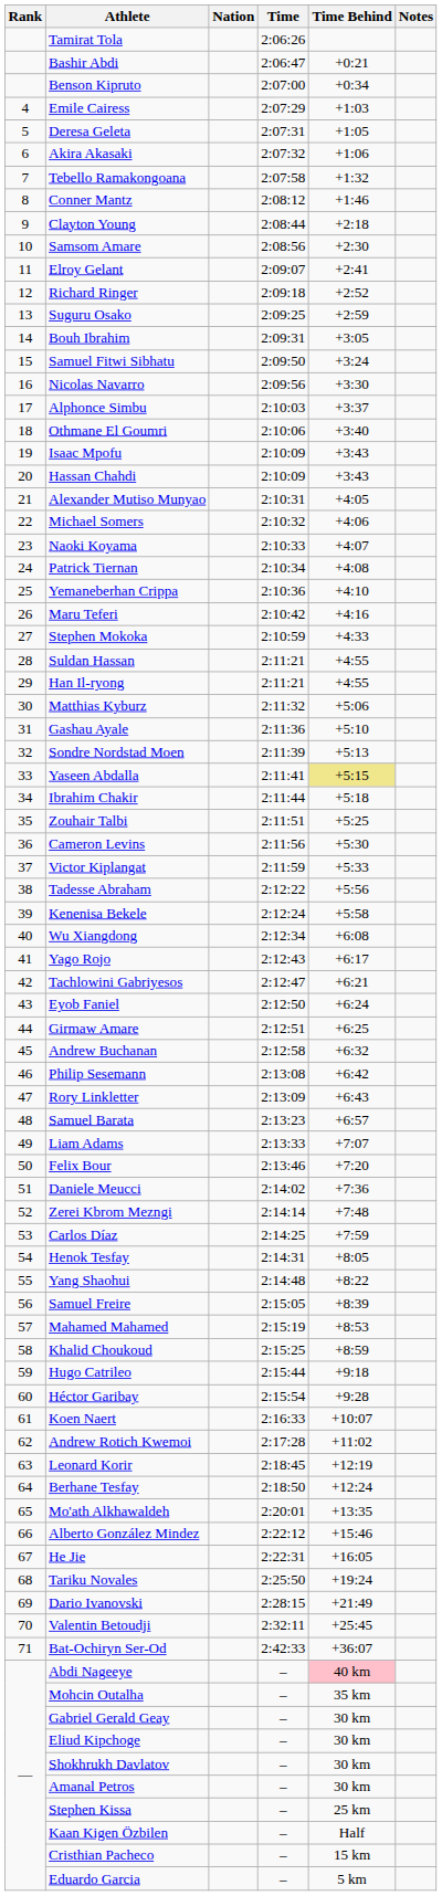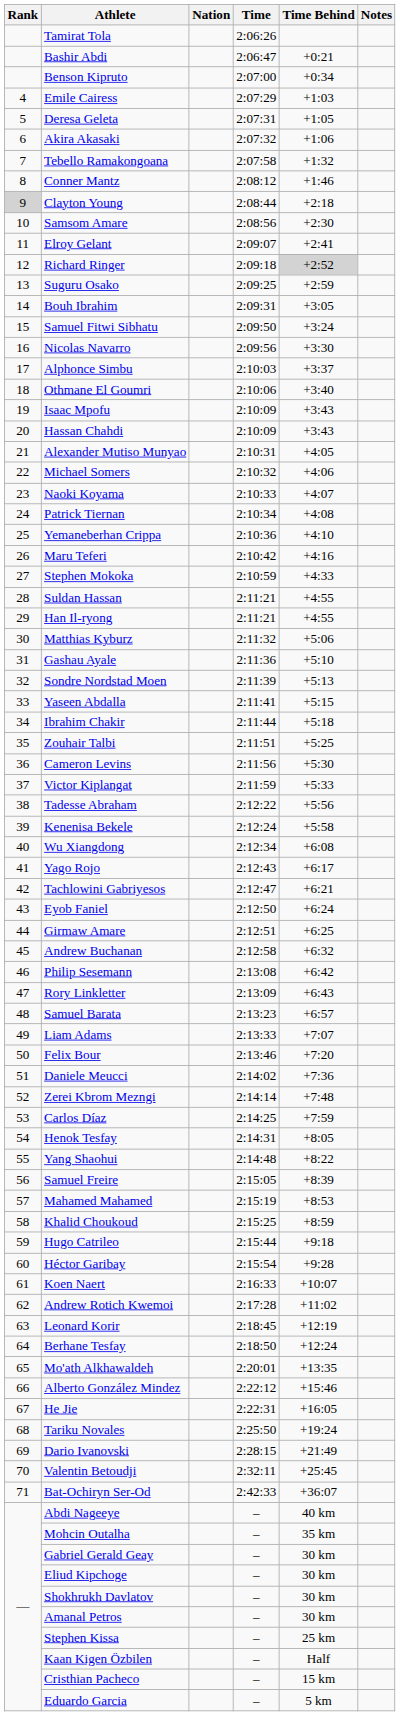 <table class="wikitable sortable" style="text-align:center">
 <tr>
 <th>Rank</th>
 <th>Athlete</th>
 <th>Nation</th>
 <th>Time</th>
 <th>Time Behind</th>
 <th>Notes</th>
 </tr>
 <tr>
 <td></td>
 <td align="left"><a href='#'>Tamirat Tola</a></td>
 <td align="left"></td>
 <td>2:06:26</td>
 <td></td>
 <td></td>
 </tr>
 <tr>
 <td></td>
 <td align="left"><a href='#'>Bashir Abdi</a></td>
 <td align="left"></td>
 <td>2:06:47</td>
 <td>+0:21</td>
 <td></td>
 </tr>
 <tr>
 <td></td>
 <td align="left"><a href='#'>Benson Kipruto</a></td>
 <td align="left"></td>
 <td>2:07:00</td>
 <td>+0:34</td>
 <td></td>
 </tr>
 <tr>
 <td>4</td>
 <td align="left"><a href='#'>Emile Cairess</a></td>
 <td align="left"></td>
 <td>2:07:29</td>
 <td>+1:03</td>
 <td></td>
 </tr>
 <tr>
 <td>5</td>
 <td align="left"><a href='#'>Deresa Geleta</a></td>
 <td align="left"></td>
 <td>2:07:31</td>
 <td>+1:05</td>
 <td></td>
 </tr>
 <tr>
 <td>6</td>
 <td align="left"><a href='#'>Akira Akasaki</a></td>
 <td align="left"></td>
 <td>2:07:32</td>
 <td>+1:06</td>
 <td></td>
 </tr>
 <tr>
 <td>7</td>
 <td align="left"><a href='#'>Tebello Ramakongoana</a></td>
 <td align="left"></td>
 <td>2:07:58</td>
 <td>+1:32</td>
 <td></td>
 </tr>
 <tr>
 <td>8</td>
 <td align="left"><a href='#'>Conner Mantz</a></td>
 <td align="left"></td>
 <td>2:08:12</td>
 <td>+1:46</td>
 <td></td>
 </tr>
 <tr>
-<td>9</td>
+<td style="background: lightgrey;">9</td>
 <td align="left"><a href='#'>Clayton Young</a></td>
 <td align="left"></td>
 <td>2:08:44</td>
 <td>+2:18</td>
 <td></td>
 </tr>
 <tr>
 <td>10</td>
 <td align="left"><a href='#'>Samsom Amare</a></td>
 <td align="left"></td>
 <td>2:08:56</td>
 <td>+2:30</td>
 <td></td>
 </tr>
 <tr>
 <td>11</td>
 <td align="left"><a href='#'>Elroy Gelant</a></td>
 <td align="left"></td>
 <td>2:09:07</td>
 <td>+2:41</td>
 <td></td>
 </tr>
 <tr>
 <td>12</td>
 <td align="left"><a href='#'>Richard Ringer</a></td>
 <td align="left"></td>
 <td>2:09:18</td>
-<td>+2:52</td>
+<td style="background: lightgrey;">+2:52</td>
 <td></td>
 </tr>
 <tr>
 <td>13</td>
 <td align="left"><a href='#'>Suguru Osako</a></td>
 <td align="left"></td>
 <td>2:09:25</td>
 <td>+2:59</td>
 <td></td>
 </tr>
 <tr>
 <td>14</td>
 <td align="left"><a href='#'>Bouh Ibrahim</a></td>
 <td align="left"></td>
 <td>2:09:31</td>
 <td>+3:05</td>
 <td></td>
 </tr>
 <tr>
 <td>15</td>
 <td align="left"><a href='#'>Samuel Fitwi Sibhatu</a></td>
 <td align="left"></td>
 <td>2:09:50</td>
 <td>+3:24</td>
 <td></td>
 </tr>
 <tr>
 <td>16</td>
 <td align="left"><a href='#'>Nicolas Navarro</a></td>
 <td align="left"></td>
 <td>2:09:56</td>
 <td>+3:30</td>
 <td></td>
 </tr>
 <tr>
 <td>17</td>
 <td align="left"><a href='#'>Alphonce Simbu</a></td>
 <td align="left"></td>
 <td>2:10:03</td>
 <td>+3:37</td>
 <td></td>
 </tr>
 <tr>
 <td>18</td>
 <td align="left"><a href='#'>Othmane El Goumri</a></td>
 <td align="left"></td>
 <td>2:10:06</td>
 <td>+3:40</td>
 <td></td>
 </tr>
 <tr>
 <td>19</td>
 <td align="left"><a href='#'>Isaac Mpofu</a></td>
 <td align="left"></td>
 <td>2:10:09</td>
 <td>+3:43</td>
 <td></td>
 </tr>
 <tr>
 <td>20</td>
 <td align="left"><a href='#'>Hassan Chahdi</a></td>
 <td align="left"></td>
 <td>2:10:09</td>
 <td>+3:43</td>
 <td></td>
 </tr>
 <tr>
 <td>21</td>
 <td align="left"><a href='#'>Alexander Mutiso Munyao</a></td>
 <td align="left"></td>
 <td>2:10:31</td>
 <td>+4:05</td>
 <td></td>
 </tr>
 <tr>
 <td>22</td>
 <td align="left"><a href='#'>Michael Somers</a></td>
 <td align="left"></td>
 <td>2:10:32</td>
 <td>+4:06</td>
 <td></td>
 </tr>
 <tr>
 <td>23</td>
 <td align="left"><a href='#'>Naoki Koyama</a></td>
 <td align="left"></td>
 <td>2:10:33</td>
 <td>+4:07</td>
 <td></td>
 </tr>
 <tr>
 <td>24</td>
 <td align="left"><a href='#'>Patrick Tiernan</a></td>
 <td align="left"></td>
 <td>2:10:34</td>
 <td>+4:08</td>
 <td></td>
 </tr>
 <tr>
 <td>25</td>
 <td align="left"><a href='#'>Yemaneberhan Crippa</a></td>
 <td align="left"></td>
 <td>2:10:36</td>
 <td>+4:10</td>
 <td></td>
 </tr>
 <tr>
 <td>26</td>
 <td align="left"><a href='#'>Maru Teferi</a></td>
 <td align="left"></td>
 <td>2:10:42</td>
 <td>+4:16</td>
 <td></td>
 </tr>
 <tr>
 <td>27</td>
 <td align="left"><a href='#'>Stephen Mokoka</a></td>
 <td align="left"></td>
 <td>2:10:59</td>
 <td>+4:33</td>
 <td></td>
 </tr>
 <tr>
 <td>28</td>
 <td align="left"><a href='#'>Suldan Hassan</a></td>
 <td align="left"></td>
 <td>2:11:21</td>
 <td>+4:55</td>
 <td></td>
 </tr>
 <tr>
 <td>29</td>
 <td align="left"><a href='#'>Han Il-ryong</a></td>
 <td align="left"></td>
 <td>2:11:21</td>
 <td>+4:55</td>
 <td></td>
 </tr>
 <tr>
 <td>30</td>
 <td align="left"><a href='#'>Matthias Kyburz</a></td>
 <td align="left"></td>
 <td>2:11:32</td>
 <td>+5:06</td>
 <td></td>
 </tr>
 <tr>
 <td>31</td>
 <td align="left"><a href='#'>Gashau Ayale</a></td>
 <td align="left"></td>
 <td>2:11:36</td>
 <td>+5:10</td>
 <td></td>
 </tr>
 <tr>
 <td>32</td>
 <td align="left"><a href='#'>Sondre Nordstad Moen</a></td>
 <td align="left"></td>
 <td>2:11:39</td>
 <td>+5:13</td>
 <td></td>
 </tr>
 <tr>
 <td>33</td>
 <td align="left"><a href='#'>Yaseen Abdalla</a></td>
 <td align="left"></td>
 <td>2:11:41</td>
-<td style="background: khaki;">+5:15</td>
+<td>+5:15</td>
 <td></td>
 </tr>
 <tr>
 <td>34</td>
 <td align="left"><a href='#'>Ibrahim Chakir</a></td>
 <td align="left"></td>
 <td>2:11:44</td>
 <td>+5:18</td>
 <td></td>
 </tr>
 <tr>
 <td>35</td>
 <td align="left"><a href='#'>Zouhair Talbi</a></td>
 <td align="left"></td>
 <td>2:11:51</td>
 <td>+5:25</td>
 <td></td>
 </tr>
 <tr>
 <td>36</td>
 <td align="left"><a href='#'>Cameron Levins</a></td>
 <td align="left"></td>
 <td>2:11:56</td>
 <td>+5:30</td>
 <td></td>
 </tr>
 <tr>
 <td>37</td>
 <td align="left"><a href='#'>Victor Kiplangat</a></td>
 <td align="left"></td>
 <td>2:11:59</td>
 <td>+5:33</td>
 <td></td>
 </tr>
 <tr>
 <td>38</td>
 <td align="left"><a href='#'>Tadesse Abraham</a></td>
 <td align="left"></td>
 <td>2:12:22</td>
 <td>+5:56</td>
 <td></td>
 </tr>
 <tr>
 <td>39</td>
 <td align="left"><a href='#'>Kenenisa Bekele</a></td>
 <td align="left"></td>
 <td>2:12:24</td>
 <td>+5:58</td>
 <td></td>
 </tr>
 <tr>
 <td>40</td>
 <td align="left"><a href='#'>Wu Xiangdong</a></td>
 <td align="left"></td>
 <td>2:12:34</td>
 <td>+6:08</td>
 <td></td>
 </tr>
 <tr>
 <td>41</td>
 <td align="left"><a href='#'>Yago Rojo</a></td>
 <td align="left"></td>
 <td>2:12:43</td>
 <td>+6:17</td>
 <td></td>
 </tr>
 <tr>
 <td>42</td>
 <td align="left"><a href='#'>Tachlowini Gabriyesos</a></td>
 <td align="left"></td>
 <td>2:12:47</td>
 <td>+6:21</td>
 <td></td>
 </tr>
 <tr>
 <td>43</td>
 <td align="left"><a href='#'>Eyob Faniel</a></td>
 <td align="left"></td>
 <td>2:12:50</td>
 <td>+6:24</td>
 <td></td>
 </tr>
 <tr>
 <td>44</td>
 <td align="left"><a href='#'>Girmaw Amare</a></td>
 <td align="left"></td>
 <td>2:12:51</td>
 <td>+6:25</td>
 <td></td>
 </tr>
 <tr>
 <td>45</td>
 <td align="left"><a href='#'>Andrew Buchanan</a></td>
 <td align="left"></td>
 <td>2:12:58</td>
 <td>+6:32</td>
 <td></td>
 </tr>
 <tr>
 <td>46</td>
 <td align="left"><a href='#'>Philip Sesemann</a></td>
 <td align="left"></td>
 <td>2:13:08</td>
 <td>+6:42</td>
 <td></td>
 </tr>
 <tr>
 <td>47</td>
 <td align="left"><a href='#'>Rory Linkletter</a></td>
 <td align="left"></td>
 <td>2:13:09</td>
 <td>+6:43</td>
 <td></td>
 </tr>
 <tr>
 <td>48</td>
 <td align="left"><a href='#'>Samuel Barata</a></td>
 <td align="left"></td>
 <td>2:13:23</td>
 <td>+6:57</td>
 <td></td>
 </tr>
 <tr>
 <td>49</td>
 <td align="left"><a href='#'>Liam Adams</a></td>
 <td align="left"></td>
 <td>2:13:33</td>
 <td>+7:07</td>
 <td></td>
 </tr>
 <tr>
 <td>50</td>
 <td align="left"><a href='#'>Felix Bour</a></td>
 <td align="left"></td>
 <td>2:13:46</td>
 <td>+7:20</td>
 <td></td>
 </tr>
 <tr>
 <td>51</td>
 <td align="left"><a href='#'>Daniele Meucci</a></td>
 <td align="left"></td>
 <td>2:14:02</td>
 <td>+7:36</td>
 <td></td>
 </tr>
 <tr>
 <td>52</td>
 <td align="left"><a href='#'>Zerei Kbrom Mezngi</a></td>
 <td align="left"></td>
 <td>2:14:14</td>
 <td>+7:48</td>
 <td></td>
 </tr>
 <tr>
 <td>53</td>
 <td align="left"><a href='#'>Carlos Díaz</a></td>
 <td align="left"></td>
 <td>2:14:25</td>
 <td>+7:59</td>
 <td></td>
 </tr>
 <tr>
 <td>54</td>
 <td align="left"><a href='#'>Henok Tesfay</a></td>
 <td align="left"></td>
 <td>2:14:31</td>
 <td>+8:05</td>
 <td></td>
 </tr>
 <tr>
 <td>55</td>
 <td align="left"><a href='#'>Yang Shaohui</a></td>
 <td align="left"></td>
 <td>2:14:48</td>
 <td>+8:22</td>
 <td></td>
 </tr>
 <tr>
 <td>56</td>
 <td align="left"><a href='#'>Samuel Freire</a></td>
 <td align="left"></td>
 <td>2:15:05</td>
 <td>+8:39</td>
 <td></td>
 </tr>
 <tr>
 <td>57</td>
 <td align="left"><a href='#'>Mahamed Mahamed</a></td>
 <td align="left"></td>
 <td>2:15:19</td>
 <td>+8:53</td>
 <td></td>
 </tr>
 <tr>
 <td>58</td>
 <td align="left"><a href='#'>Khalid Choukoud</a></td>
 <td align="left"></td>
 <td>2:15:25</td>
 <td>+8:59</td>
 <td></td>
 </tr>
 <tr>
 <td>59</td>
 <td align="left"><a href='#'>Hugo Catrileo</a></td>
 <td align="left"></td>
 <td>2:15:44</td>
 <td>+9:18</td>
 <td></td>
 </tr>
 <tr>
 <td>60</td>
 <td align="left"><a href='#'>Héctor Garibay</a></td>
 <td align="left"></td>
 <td>2:15:54</td>
 <td>+9:28</td>
 <td></td>
 </tr>
 <tr>
 <td>61</td>
 <td align="left"><a href='#'>Koen Naert</a></td>
 <td align="left"></td>
 <td>2:16:33</td>
 <td>+10:07</td>
 <td></td>
 </tr>
 <tr>
 <td>62</td>
 <td align="left"><a href='#'>Andrew Rotich Kwemoi</a></td>
 <td align="left"></td>
 <td>2:17:28</td>
 <td>+11:02</td>
 <td></td>
 </tr>
 <tr>
 <td>63</td>
 <td align="left"><a href='#'>Leonard Korir</a></td>
 <td align="left"></td>
 <td>2:18:45</td>
 <td>+12:19</td>
 <td></td>
 </tr>
 <tr>
 <td>64</td>
 <td align="left"><a href='#'>Berhane Tesfay</a></td>
 <td align="left"></td>
 <td>2:18:50</td>
 <td>+12:24</td>
 <td></td>
 </tr>
 <tr>
 <td>65</td>
 <td align="left"><a href='#'>Mo'ath Alkhawaldeh</a></td>
 <td align="left"></td>
 <td>2:20:01</td>
 <td>+13:35</td>
 <td></td>
 </tr>
 <tr>
 <td>66</td>
 <td align="left"><a href='#'>Alberto González Mindez</a></td>
 <td align="left"></td>
 <td>2:22:12</td>
 <td>+15:46</td>
 <td></td>
 </tr>
 <tr>
 <td>67</td>
 <td align="left"><a href='#'>He Jie</a></td>
 <td align="left"></td>
 <td>2:22:31</td>
 <td>+16:05</td>
 <td></td>
 </tr>
 <tr>
 <td>68</td>
 <td align="left"><a href='#'>Tariku Novales</a></td>
 <td align="left"></td>
 <td>2:25:50</td>
 <td>+19:24</td>
 <td></td>
 </tr>
 <tr>
 <td>69</td>
 <td align="left"><a href='#'>Dario Ivanovski</a></td>
 <td align="left"></td>
 <td>2:28:15</td>
 <td>+21:49</td>
 <td></td>
 </tr>
 <tr>
 <td>70</td>
 <td align="left"><a href='#'>Valentin Betoudji</a></td>
 <td align="left"></td>
 <td>2:32:11</td>
 <td>+25:45</td>
 <td></td>
 </tr>
 <tr>
 <td>71</td>
 <td align="left"><a href='#'>Bat-Ochiryn Ser-Od</a></td>
 <td align="left"></td>
 <td>2:42:33</td>
 <td>+36:07</td>
 <td></td>
 </tr>
 <tr>
 <td rowspan="10" data-sort-value="72">—</td>
 <td align="left"><a href='#'>Abdi Nageeye</a></td>
 <td align="left"></td>
 <td>–</td>
-<td style="background: pink;">40 km</td>
+<td>40 km</td>
 <td></td>
 </tr>
 <tr>
 <td align="left"><a href='#'>Mohcin Outalha</a></td>
 <td align="left"></td>
 <td>–</td>
 <td>35 km</td>
 <td></td>
 </tr>
 <tr>
 <td align="left"><a href='#'>Gabriel Gerald Geay</a></td>
 <td align="left"></td>
 <td>–</td>
 <td>30 km</td>
 <td></td>
 </tr>
 <tr>
 <td align="left"><a href='#'>Eliud Kipchoge</a></td>
 <td align="left"></td>
 <td>–</td>
 <td>30 km</td>
 <td></td>
 </tr>
 <tr>
 <td align="left"><a href='#'>Shokhrukh Davlatov</a></td>
 <td align="left"></td>
 <td>–</td>
 <td>30 km</td>
 <td></td>
 </tr>
 <tr>
 <td align="left"><a href='#'>Amanal Petros</a></td>
 <td align="left"></td>
 <td>–</td>
 <td>30 km</td>
 <td></td>
 </tr>
 <tr>
 <td align="left"><a href='#'>Stephen Kissa</a></td>
 <td align="left"></td>
 <td>–</td>
 <td>25 km</td>
 <td></td>
 </tr>
 <tr>
 <td align="left"><a href='#'>Kaan Kigen Özbilen</a></td>
 <td align="left"></td>
 <td>–</td>
 <td>Half</td>
 <td></td>
 </tr>
 <tr>
 <td align="left"><a href='#'>Cristhian Pacheco</a></td>
 <td align="left"></td>
 <td>–</td>
 <td>15 km</td>
 <td></td>
 </tr>
 <tr>
 <td align="left"><a href='#'>Eduardo Garcia</a></td>
 <td align="left"></td>
 <td>–</td>
 <td>5 km</td>
 <td></td>
 </tr>
 </table>
